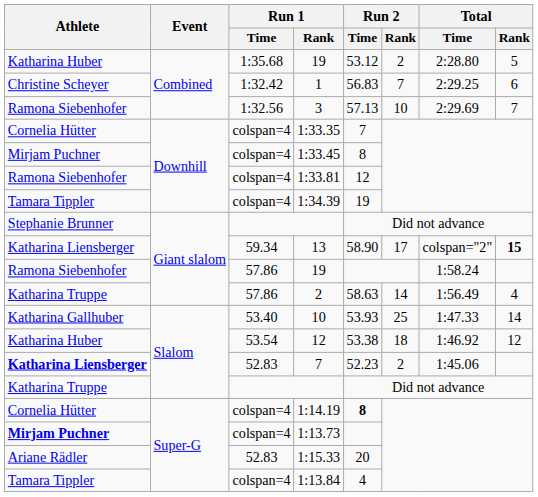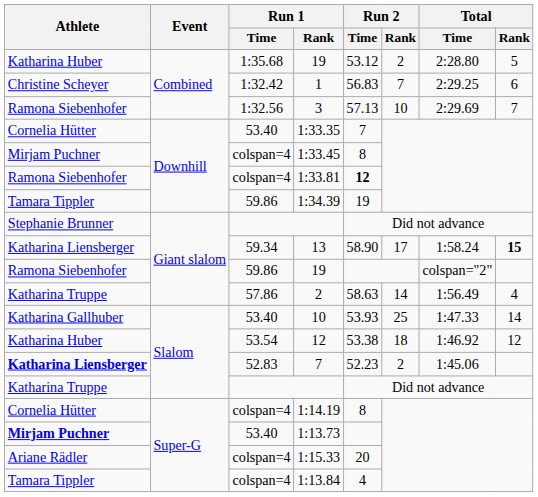 <table class=wikitable style="font-size:90%; text-align:center">
 <tr>
 <th rowspan=2>Athlete</th>
 <th rowspan=2>Event</th>
 <th colspan=2>Run 1</th>
 <th colspan=2>Run 2</th>
 <th colspan=2>Total</th>
 </tr>
 <tr style="font-size:95%">
 <th>Time</th>
 <th>Rank</th>
 <th>Time</th>
 <th>Rank</th>
 <th>Time</th>
 <th>Rank</th>
 </tr>
 <tr>
 <td align=left><a href='#'>Katharina Huber</a></td>
 <td align=left rowspan=3><a href='#'>Combined</a></td>
 <td>1:35.68</td>
 <td>19</td>
 <td>53.12</td>
 <td>2</td>
 <td>2:28.80</td>
 <td>5</td>
 </tr>
 <tr>
 <td align=left><a href='#'>Christine Scheyer</a></td>
 <td>1:32.42</td>
 <td>1</td>
 <td>56.83</td>
 <td>7</td>
 <td>2:29.25</td>
 <td>6</td>
 </tr>
 <tr>
 <td align=left><a href='#'>Ramona Siebenhofer</a></td>
 <td>1:32.56</td>
 <td>3</td>
 <td>57.13</td>
 <td>10</td>
 <td>2:29.69</td>
 <td>7</td>
 </tr>
 <tr>
 <td align=left><a href='#'>Cornelia Hütter</a></td>
 <td align=left rowspan=4><a href='#'>Downhill</a></td>
-<td>colspan=4 </td>
+<td>53.40</td>
 <td>1:33.35</td>
 <td>7</td>
 </tr>
 <tr>
 <td align=left><a href='#'>Mirjam Puchner</a></td>
 <td>colspan=4 </td>
 <td>1:33.45</td>
 <td>8</td>
 </tr>
 <tr>
 <td align=left><a href='#'>Ramona Siebenhofer</a></td>
 <td>colspan=4 </td>
 <td>1:33.81</td>
-<td>12</td>
+<td><strong>12</strong></td>
 </tr>
 <tr>
 <td align=left><a href='#'>Tamara Tippler</a></td>
-<td>colspan=4 </td>
+<td>59.86</td>
 <td>1:34.39</td>
 <td>19</td>
 </tr>
 <tr>
 <td align=left><a href='#'>Stephanie Brunner</a></td>
 <td align=left rowspan=4><a href='#'>Giant slalom</a></td>
 <td colspan=2></td>
 <td colspan=4>Did not advance</td>
 </tr>
 <tr>
 <td align=left><a href='#'>Katharina Liensberger</a></td>
 <td>59.34</td>
 <td>13</td>
 <td>58.90</td>
 <td>17</td>
-<td>colspan="2" </td>
+<td>1:58.24</td>
 <td><strong>15</strong></td>
 </tr>
 <tr>
 <td align=left><a href='#'>Ramona Siebenhofer</a></td>
-<td>57.86</td>
+<td>59.86</td>
 <td>19</td>
 <td colspan="2"></td>
-<td>1:58.24</td>
+<td>colspan="2" </td>
 </tr>
 <tr>
 <td align=left><a href='#'>Katharina Truppe</a></td>
 <td>57.86</td>
 <td>2</td>
 <td>58.63</td>
 <td>14</td>
 <td>1:56.49</td>
 <td>4</td>
 </tr>
 <tr>
 <td align=left><a href='#'>Katharina Gallhuber</a></td>
 <td align=left rowspan=4><a href='#'>Slalom</a></td>
 <td>53.40</td>
 <td>10</td>
 <td>53.93</td>
 <td>25</td>
 <td>1:47.33</td>
 <td>14</td>
 </tr>
 <tr>
 <td align=left><a href='#'>Katharina Huber</a></td>
 <td>53.54</td>
 <td>12</td>
 <td>53.38</td>
 <td>18</td>
 <td>1:46.92</td>
 <td>12</td>
 </tr>
 <tr>
 <td align=left><strong><a href='#'>Katharina Liensberger</a></strong></td>
 <td>52.83</td>
 <td>7</td>
 <td>52.23</td>
 <td>2</td>
 <td>1:45.06</td>
 <td></td>
 </tr>
 <tr>
 <td align=left><a href='#'>Katharina Truppe</a></td>
 <td colspan=2></td>
 <td colspan=4>Did not advance</td>
 </tr>
 <tr>
 <td align=left><a href='#'>Cornelia Hütter</a></td>
 <td align=left rowspan=4><a href='#'>Super-G</a></td>
 <td>colspan=4 </td>
 <td>1:14.19</td>
-<td><strong>8</strong></td>
+<td>8</td>
 </tr>
 <tr>
 <td align=left><strong><a href='#'>Mirjam Puchner</a></strong></td>
-<td>colspan=4 </td>
+<td>53.40</td>
 <td>1:13.73</td>
 <td></td>
 </tr>
 <tr>
 <td align=left><a href='#'>Ariane Rädler</a></td>
-<td>52.83</td>
+<td>colspan=4 </td>
 <td>1:15.33</td>
 <td>20</td>
 </tr>
 <tr>
 <td align=left><a href='#'>Tamara Tippler</a></td>
 <td>colspan=4 </td>
 <td>1:13.84</td>
 <td>4</td>
 </tr>
 </table>
